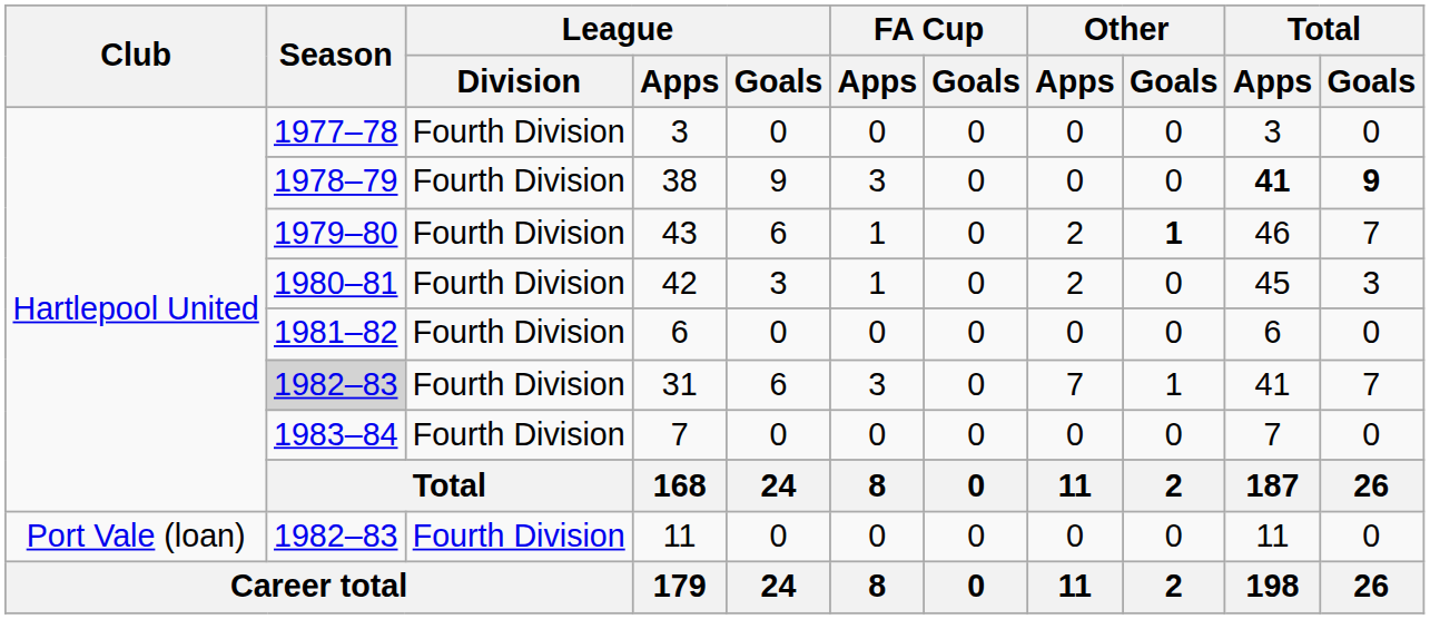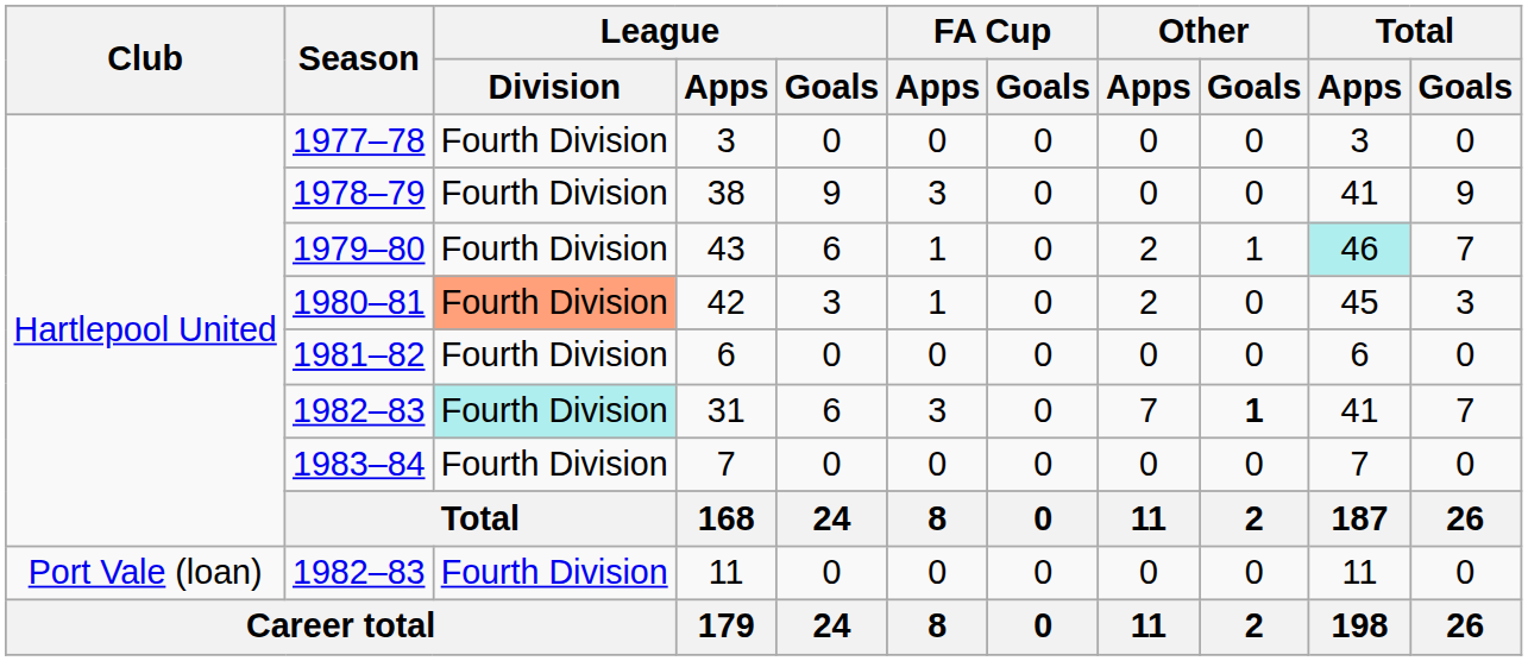 <table class="wikitable" style="text-align: center;">
 <tr>
 <th rowspan="2">Club</th>
 <th rowspan="2">Season</th>
 <th colspan="3">League</th>
 <th colspan="2">FA Cup</th>
 <th colspan="2">Other</th>
 <th colspan="2">Total</th>
 </tr>
 <tr>
 <th>Division</th>
 <th>Apps</th>
 <th>Goals</th>
 <th>Apps</th>
 <th>Goals</th>
 <th>Apps</th>
 <th>Goals</th>
 <th>Apps</th>
 <th>Goals</th>
 </tr>
 <tr>
 <td rowspan="8"><a href='#'>Hartlepool United</a></td>
 <td><a href='#'>1977–78</a></td>
 <td>Fourth Division</td>
 <td>3</td>
 <td>0</td>
 <td>0</td>
 <td>0</td>
 <td>0</td>
 <td>0</td>
 <td>3</td>
 <td>0</td>
 </tr>
 <tr>
 <td><a href='#'>1978–79</a></td>
 <td>Fourth Division</td>
 <td>38</td>
 <td>9</td>
 <td>3</td>
 <td>0</td>
 <td>0</td>
 <td>0</td>
-<td><strong>41</strong></td>
-<td><strong>9</strong></td>
+<td>41</td>
+<td>9</td>
 </tr>
 <tr>
 <td><a href='#'>1979–80</a></td>
 <td>Fourth Division</td>
 <td>43</td>
 <td>6</td>
 <td>1</td>
 <td>0</td>
 <td>2</td>
-<td><strong>1</strong></td>
-<td>46</td>
+<td>1</td>
+<td style="background: paleturquoise;">46</td>
 <td>7</td>
 </tr>
 <tr>
 <td><a href='#'>1980–81</a></td>
-<td>Fourth Division</td>
+<td style="background: lightsalmon;">Fourth Division</td>
 <td>42</td>
 <td>3</td>
 <td>1</td>
 <td>0</td>
 <td>2</td>
 <td>0</td>
 <td>45</td>
 <td>3</td>
 </tr>
 <tr>
 <td><a href='#'>1981–82</a></td>
 <td>Fourth Division</td>
 <td>6</td>
 <td>0</td>
 <td>0</td>
 <td>0</td>
 <td>0</td>
 <td>0</td>
 <td>6</td>
 <td>0</td>
 </tr>
 <tr>
-<td style="background: lightgrey;"><a href='#'>1982–83</a></td>
-<td>Fourth Division</td>
+<td><a href='#'>1982–83</a></td>
+<td style="background: paleturquoise;">Fourth Division</td>
 <td>31</td>
 <td>6</td>
 <td>3</td>
 <td>0</td>
 <td>7</td>
-<td>1</td>
+<td><strong>1</strong></td>
 <td>41</td>
 <td>7</td>
 </tr>
 <tr>
 <td><a href='#'>1983–84</a></td>
 <td>Fourth Division</td>
 <td>7</td>
 <td>0</td>
 <td>0</td>
 <td>0</td>
 <td>0</td>
 <td>0</td>
 <td>7</td>
 <td>0</td>
 </tr>
 <tr>
 <th colspan="2">Total</th>
 <th>168</th>
 <th>24</th>
 <th>8</th>
 <th>0</th>
 <th>11</th>
 <th>2</th>
 <th>187</th>
 <th>26</th>
 </tr>
 <tr>
 <td><a href='#'>Port Vale</a> (loan)</td>
 <td><a href='#'>1982–83</a></td>
 <td><a href='#'>Fourth Division</a></td>
 <td>11</td>
 <td>0</td>
 <td>0</td>
 <td>0</td>
 <td>0</td>
 <td>0</td>
 <td>11</td>
 <td>0</td>
 </tr>
 <tr>
 <th colspan="3">Career total</th>
 <th>179</th>
 <th>24</th>
 <th>8</th>
 <th>0</th>
 <th>11</th>
 <th>2</th>
 <th>198</th>
 <th>26</th>
 </tr>
 </table>
